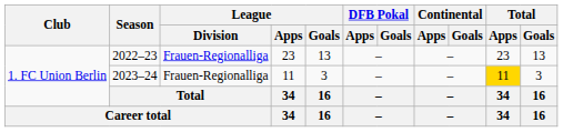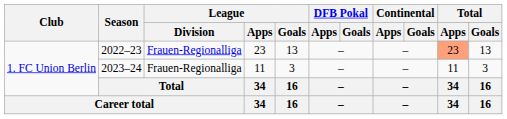 <table class="wikitable" style="text-align:center">
 <tr>
 <th rowspan="2">Club</th>
 <th rowspan="2">Season</th>
 <th colspan="3">League</th>
 <th colspan="2"><a href='#'>DFB Pokal</a></th>
 <th colspan="2">Continental</th>
 <th colspan="2">Total</th>
 </tr>
 <tr>
 <th>Division</th>
 <th>Apps</th>
 <th>Goals</th>
 <th>Apps</th>
 <th>Goals</th>
 <th>Apps</th>
 <th>Goals</th>
 <th>Apps</th>
 <th>Goals</th>
 </tr>
 <tr>
 <td rowspan="3"><a href='#'>1. FC Union Berlin</a></td>
 <td>2022–23</td>
 <td><a href='#'>Frauen-Regionalliga</a></td>
 <td>23</td>
 <td>13</td>
 <td colspan="2">–</td>
 <td colspan="2">–</td>
-<td>23</td>
+<td style="background: lightsalmon;">23</td>
 <td>13</td>
 </tr>
 <tr>
 <td>2023–24</td>
 <td>Frauen-Regionalliga</td>
 <td>11</td>
 <td>3</td>
 <td colspan="2">–</td>
 <td colspan="2">–</td>
-<td style="background: gold;">11</td>
+<td>11</td>
 <td>3</td>
 </tr>
 <tr>
 <th colspan="2">Total</th>
 <th>34</th>
 <th>16</th>
 <th colspan="2">–</th>
 <th colspan="2">–</th>
 <th>34</th>
 <th>16</th>
 </tr>
 <tr>
 <th colspan="3">Career total</th>
 <th>34</th>
 <th>16</th>
 <th colspan="2">–</th>
 <th colspan="2">–</th>
 <th>34</th>
 <th>16</th>
 </tr>
 </table>
